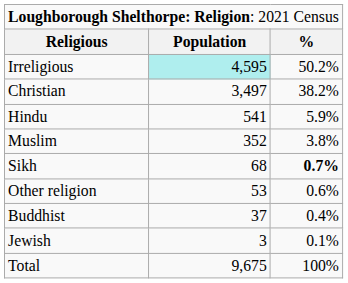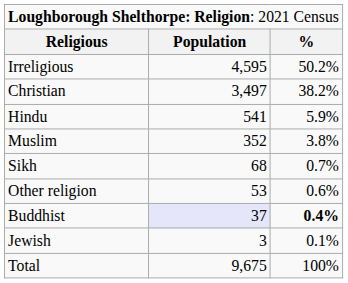 <table class="wikitable">
 <tr>
 <td colspan="14" style="text-align:right;"><strong>Loughborough Shelthorpe: Religion</strong>: 2021 Census</td>
 </tr>
 <tr>
 <th>Religious</th>
 <th>Population</th>
 <th>%</th>
 </tr>
 <tr>
 <td>Irreligious</td>
-<td style="background: paleturquoise; text-align:right;">4,595</td>
+<td style="text-align:right;">4,595</td>
 <td style="text-align:right;">50.2%</td>
 </tr>
 <tr>
 <td>Christian</td>
 <td style="text-align:right;">3,497</td>
 <td style="text-align:right;">38.2%</td>
 </tr>
 <tr>
 <td>Hindu</td>
 <td style="text-align:right;">541</td>
 <td style="text-align:right;">5.9%</td>
 </tr>
 <tr>
 <td>Muslim</td>
 <td style="text-align:right;">352</td>
 <td style="text-align:right;">3.8%</td>
 </tr>
 <tr>
 <td>Sikh</td>
 <td style="text-align:right;">68</td>
-<td style="text-align:right;"><strong>0.7%</strong></td>
+<td style="text-align:right;">0.7%</td>
 </tr>
 <tr>
 <td>Other religion</td>
 <td style="text-align:right;">53</td>
 <td style="text-align:right;">0.6%</td>
 </tr>
 <tr>
 <td>Buddhist</td>
-<td style="text-align:right;">37</td>
-<td style="text-align:right;">0.4%</td>
+<td style="background: lavender; text-align:right;">37</td>
+<td style="text-align:right;"><strong>0.4%</strong></td>
 </tr>
 <tr>
 <td>Jewish</td>
 <td style="text-align:right;">3</td>
 <td style="text-align:right;">0.1%</td>
 </tr>
 <tr>
 <td>Total</td>
 <td style="text-align:right;">9,675</td>
 <td style="text-align:right;">100%</td>
 </tr>
 </table>
